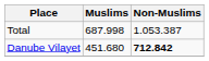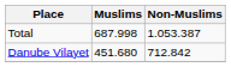 <table class="wikitable sortable">
 <tr>
 <th>Place</th>
 <th>Muslims</th>
 <th>Non-Muslims</th>
 </tr>
 <tr>
 <td>Total</td>
 <td>687.998</td>
 <td>1.053.387</td>
 </tr>
 <tr>
 <td><a href='#'>Danube Vilayet</a></td>
 <td>451.680</td>
-<td><strong>712.842</strong></td>
+<td>712.842</td>
 </tr>
 <tr>
 </tr>
 </table>
